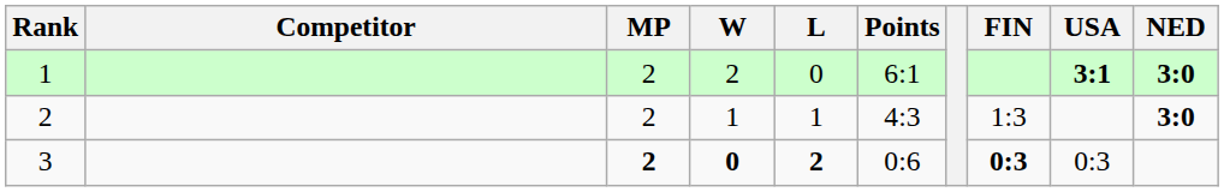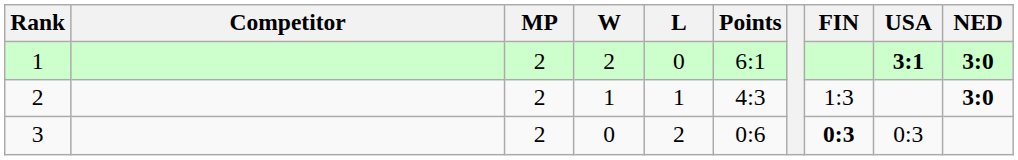 <table class="wikitable" style="text-align:center">
 <tr>
 <th>Rank</th>
 <th style="width:18em">Competitor</th>
 <th style="width:2.5em">MP</th>
 <th style="width:2.5em">W</th>
 <th style="width:2.5em">L</th>
 <th>Points</th>
 <th rowspan="4"> </th>
 <th style="width:2.5em">FIN</th>
 <th style="width:2.5em">USA</th>
 <th style="width:2.5em">NED</th>
 </tr>
 <tr style="background:#cfc;">
 <td>1</td>
 <td style="text-align:left"></td>
 <td>2</td>
 <td>2</td>
 <td>0</td>
 <td>6:1</td>
 <td></td>
 <td><strong>3:1</strong></td>
 <td><strong>3:0</strong></td>
 </tr>
 <tr>
 <td>2</td>
 <td style="text-align:left"></td>
 <td>2</td>
 <td>1</td>
 <td>1</td>
 <td>4:3</td>
 <td>1:3</td>
 <td></td>
 <td><strong>3:0</strong></td>
 </tr>
 <tr>
 <td>3</td>
 <td style="text-align:left"></td>
-<td><strong>2</strong></td>
-<td><strong>0</strong></td>
-<td><strong>2</strong></td>
+<td>2</td>
+<td>0</td>
+<td>2</td>
 <td>0:6</td>
 <td><strong>0:3</strong></td>
 <td>0:3</td>
 <td></td>
 </tr>
 </table>
